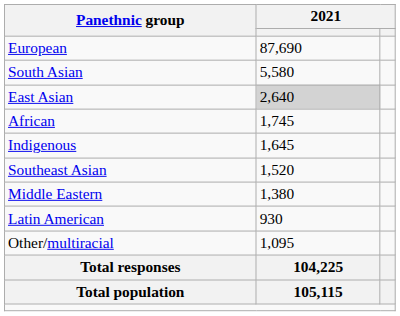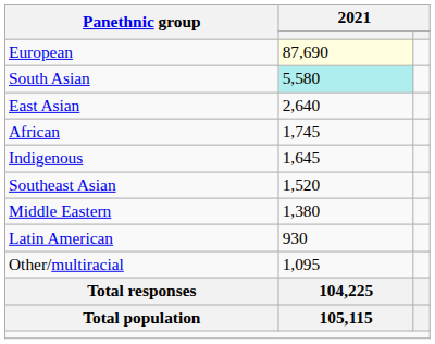 <table class="wikitable collapsible sortable">
 <tr>
 <th rowspan="2"><a href='#'>Panethnic</a> group</th>
 <th colspan="2">2021</th>
 </tr>
 <tr>
 <th><a href='#'></a></th>
 <th></th>
 </tr>
 <tr>
 <td><a href='#'>European</a></td>
-<td>87,690</td>
+<td style="background: lightyellow;">87,690</td>
 <td></td>
 </tr>
 <tr>
 <td><a href='#'>South Asian</a></td>
-<td>5,580</td>
+<td style="background: paleturquoise;">5,580</td>
 <td></td>
 </tr>
 <tr>
 <td><a href='#'>East Asian</a></td>
-<td style="background: lightgrey;">2,640</td>
+<td>2,640</td>
 <td></td>
 </tr>
 <tr>
 <td><a href='#'>African</a></td>
 <td>1,745</td>
 <td></td>
 </tr>
 <tr>
 <td><a href='#'>Indigenous</a></td>
 <td>1,645</td>
 <td></td>
 </tr>
 <tr>
 <td><a href='#'>Southeast Asian</a></td>
 <td>1,520</td>
 <td></td>
 </tr>
 <tr>
 <td><a href='#'>Middle Eastern</a></td>
 <td>1,380</td>
 <td></td>
 </tr>
 <tr>
 <td><a href='#'>Latin American</a></td>
 <td>930</td>
 <td></td>
 </tr>
 <tr>
 <td>Other/<a href='#'>multiracial</a></td>
 <td>1,095</td>
 <td></td>
 </tr>
 <tr>
 <th>Total responses</th>
 <th>104,225</th>
 <th></th>
 </tr>
 <tr class="sortbottom">
 <th>Total population</th>
 <th>105,115</th>
 <th></th>
 </tr>
 <tr class="sortbottom">
 <td colspan="15" style="width: 25em;"></td>
 </tr>
 </table>
